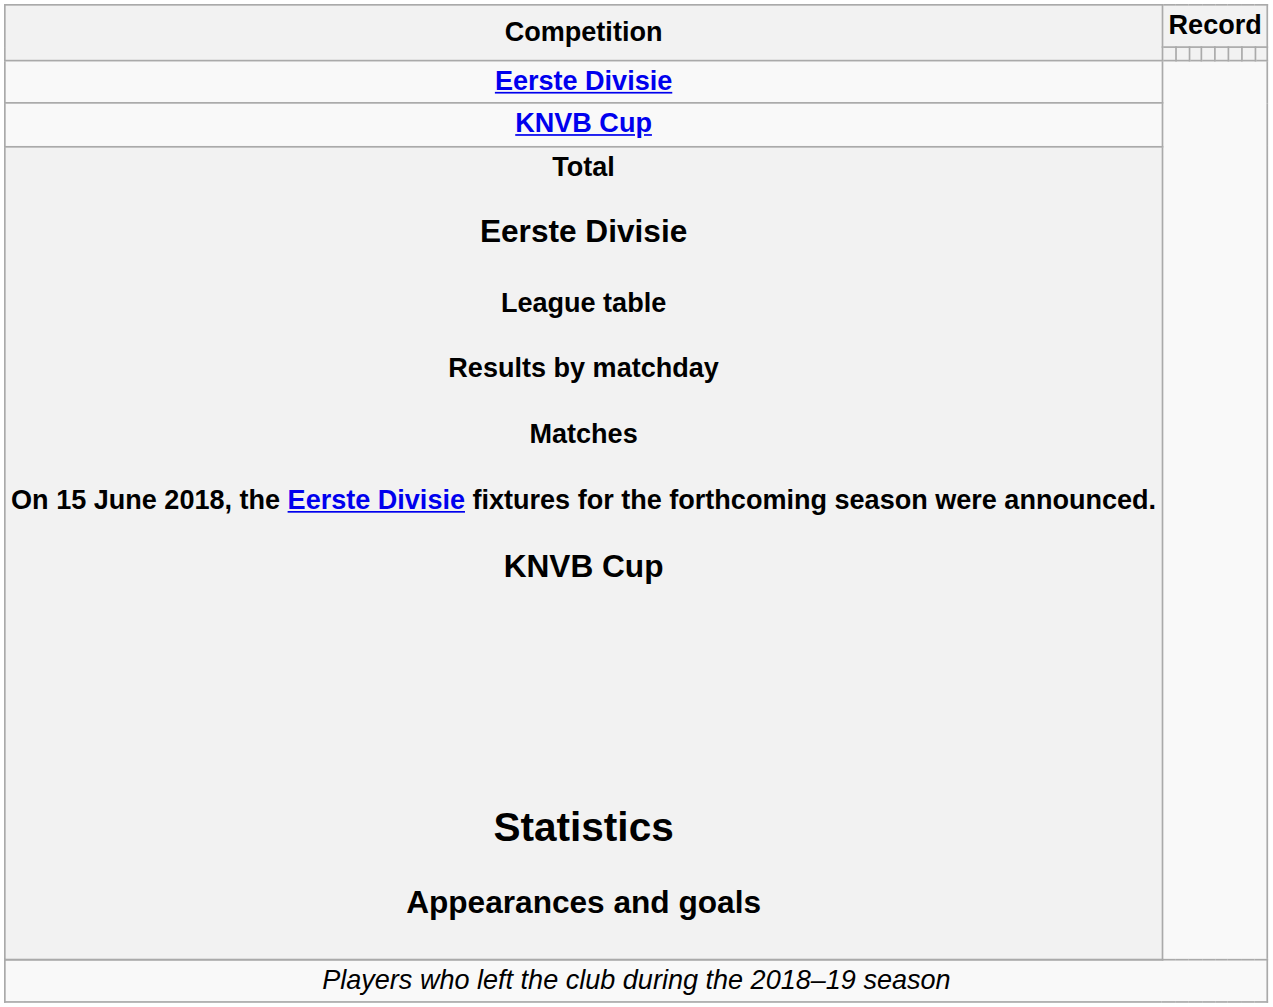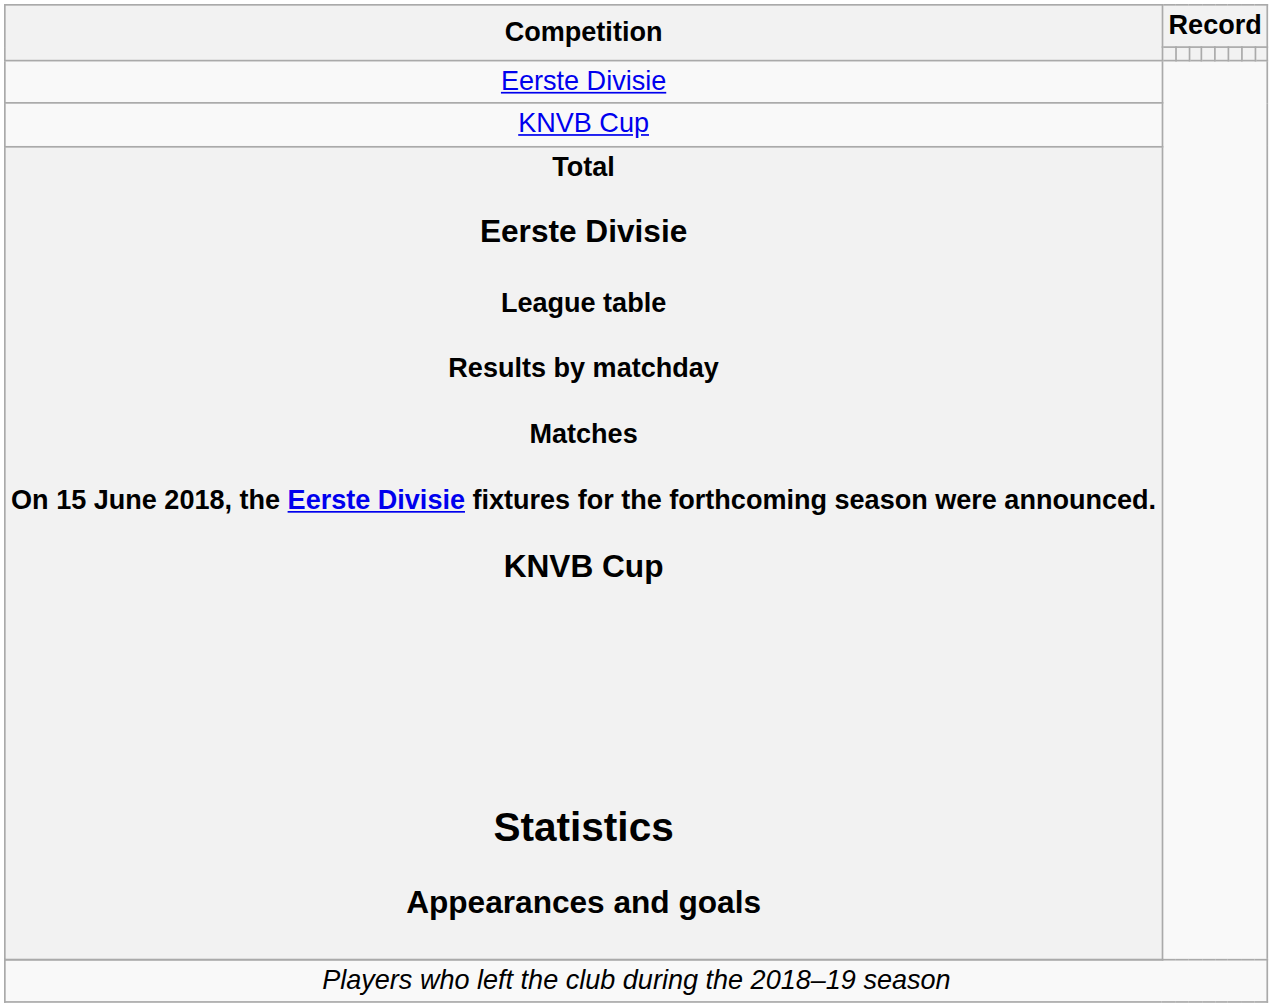 <table class="wikitable" style="text-align: center">
 <tr>
 <th rowspan=2>Competition</th>
 <th colspan=8>Record</th>
 </tr>
 <tr>
 <th></th>
 <th></th>
 <th></th>
 <th></th>
 <th></th>
 <th></th>
 <th></th>
 <th></th>
 </tr>
 <tr>
-<td><strong><a href='#'>Eerste Divisie</a><br></strong></td>
+<td><a href='#'>Eerste Divisie</a><br></td>
 </tr>
 <tr>
-<td><strong><a href='#'>KNVB Cup</a><br></strong></td>
+<td><a href='#'>KNVB Cup</a><br></td>
 </tr>
 <tr>
 <th>Total<br> <h3>Eerste Divisie</h3><h4>League table</h4><h4>Results by matchday</h4><h4>Matches</h4>On 15 June 2018, the <a href='#'>Eerste Divisie</a> fixtures for the forthcoming season were announced.<br>                                     <h3>KNVB Cup</h3><br>  <br><br><br><br><h2>Statistics</h2><h3>Appearances and goals</h3> </th>
 </tr>
 <tr>
 </tr>
 <tr>
 <td colspan="10"><em>Players who left the club during the 2018–19 season</em><br></td>
 </tr>
 </table>
